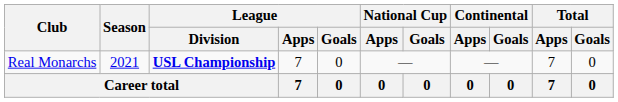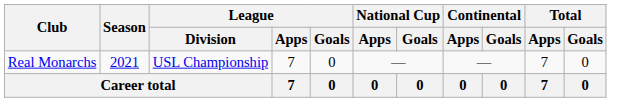 <table class=wikitable style=text-align:center>
 <tr>
 <th rowspan=2>Club</th>
 <th rowspan=2>Season</th>
 <th colspan=3>League</th>
 <th colspan=2>National Cup</th>
 <th colspan=2>Continental</th>
 <th colspan=2>Total</th>
 </tr>
 <tr>
 <th>Division</th>
 <th>Apps</th>
 <th>Goals</th>
 <th>Apps</th>
 <th>Goals</th>
 <th>Apps</th>
 <th>Goals</th>
 <th>Apps</th>
 <th>Goals</th>
 </tr>
 <tr>
 <td rowspan=1><a href='#'>Real Monarchs</a></td>
 <td><a href='#'>2021</a></td>
-<td><strong><a href='#'>USL Championship</a></strong></td>
+<td><a href='#'>USL Championship</a></td>
 <td>7</td>
 <td>0</td>
 <td colspan=2>—</td>
 <td colspan=2>—</td>
 <td>7</td>
 <td>0</td>
 </tr>
 <tr>
 <th colspan=3>Career total</th>
 <th>7</th>
 <th>0</th>
 <th>0</th>
 <th>0</th>
 <th>0</th>
 <th>0</th>
 <th>7</th>
 <th>0</th>
 </tr>
 </table>
